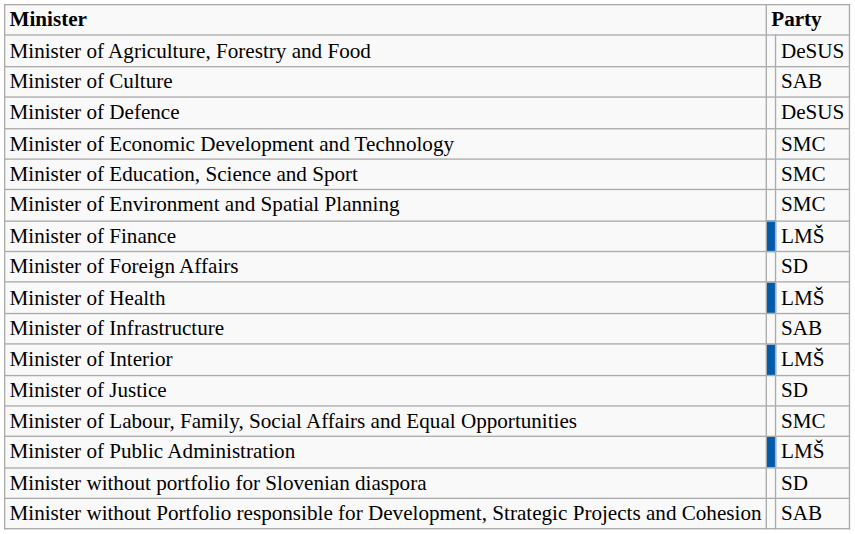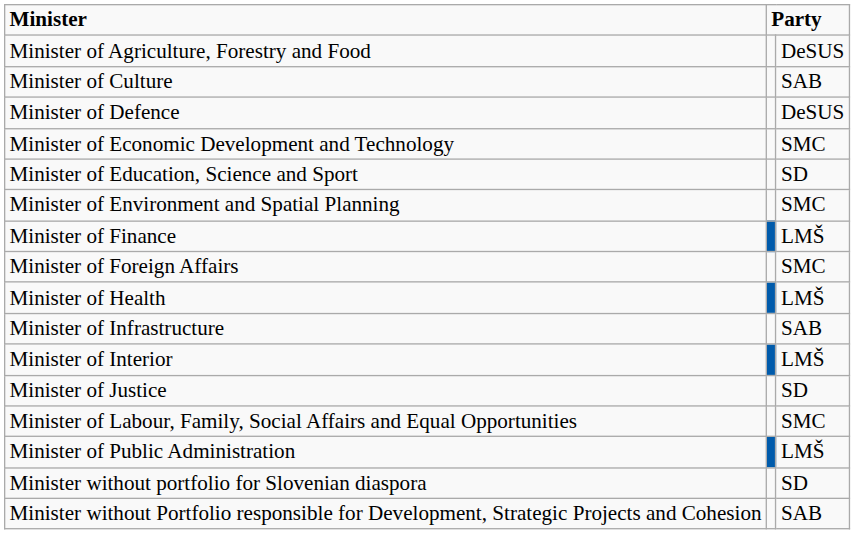 <table class="wikitable collapsible" style="line-height:16px;">
 <tr>
 <td><strong>Minister</strong></td>
 <td colspan="2"><strong>Party</strong></td>
 </tr>
 <tr>
 <td>Minister of Agriculture, Forestry and Food</td>
 <td style="background:"></td>
 <td>DeSUS</td>
 </tr>
 <tr>
 <td>Minister of Culture</td>
 <td style="background:"></td>
 <td>SAB</td>
 </tr>
 <tr>
 <td>Minister of Defence</td>
 <td style="background:"></td>
 <td>DeSUS</td>
 </tr>
 <tr>
 <td>Minister of Economic Development and Technology</td>
 <td style="background:"></td>
 <td>SMC</td>
 </tr>
 <tr>
 <td>Minister of Education, Science and Sport</td>
 <td style="background:"></td>
-<td>SMC</td>
+<td>SD</td>
 </tr>
 <tr>
 <td>Minister of Environment and Spatial Planning</td>
 <td style="background:"></td>
 <td>SMC</td>
 </tr>
 <tr>
 <td>Minister of Finance</td>
 <td style="background:#005bab"></td>
 <td>LMŠ</td>
 </tr>
 <tr>
 <td>Minister of Foreign Affairs</td>
 <td style="background:"></td>
-<td>SD</td>
+<td>SMC</td>
 </tr>
 <tr>
 <td>Minister of Health</td>
 <td style="background:#005bab"></td>
 <td>LMŠ</td>
 </tr>
 <tr>
 <td>Minister of Infrastructure</td>
 <td style="background:"></td>
 <td>SAB</td>
 </tr>
 <tr>
 <td>Minister of Interior</td>
 <td style="background:#005bab"></td>
 <td>LMŠ</td>
 </tr>
 <tr>
 <td>Minister of Justice</td>
 <td style="background:"></td>
 <td>SD</td>
 </tr>
 <tr>
 <td>Minister of Labour, Family, Social Affairs and Equal Opportunities</td>
 <td style="background:"></td>
 <td>SMC</td>
 </tr>
 <tr>
 <td>Minister of Public Administration</td>
 <td style="background:#005bab"></td>
 <td>LMŠ</td>
 </tr>
 <tr>
 <td>Minister without portfolio for Slovenian diaspora</td>
 <td style="background:"></td>
 <td>SD</td>
 </tr>
 <tr>
 <td>Minister without Portfolio responsible for Development, Strategic Projects and Cohesion</td>
 <td style="background:"></td>
 <td>SAB</td>
 </tr>
 </table>
